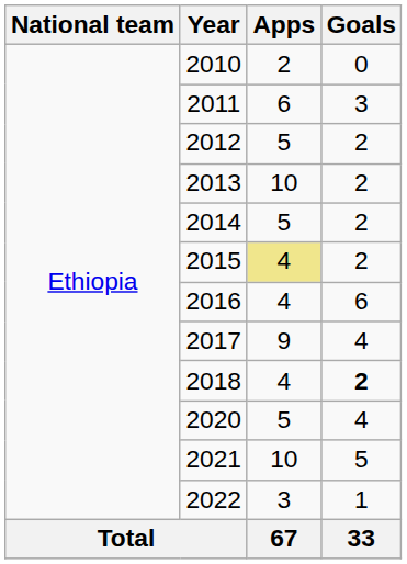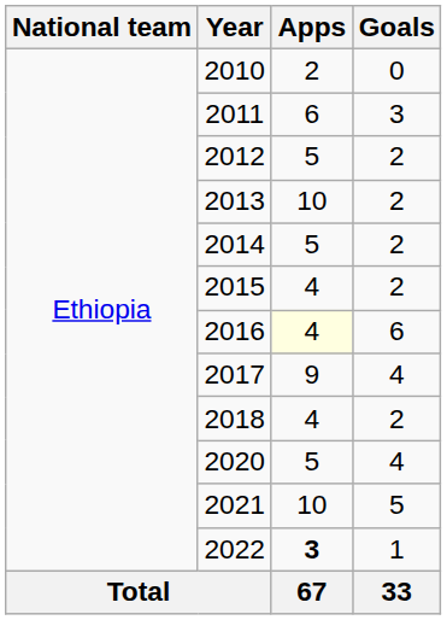 <table class="wikitable" style="text-align:center;">
 <tr>
 <th>National team</th>
 <th>Year</th>
 <th>Apps</th>
 <th>Goals</th>
 </tr>
 <tr>
 <td rowspan="12"><a href='#'>Ethiopia</a></td>
 <td>2010</td>
 <td>2</td>
 <td>0</td>
 </tr>
 <tr>
 <td>2011</td>
 <td>6</td>
 <td>3</td>
 </tr>
 <tr>
 <td>2012</td>
 <td>5</td>
 <td>2</td>
 </tr>
 <tr>
 <td>2013</td>
 <td>10</td>
 <td>2</td>
 </tr>
 <tr>
 <td>2014</td>
 <td>5</td>
 <td>2</td>
 </tr>
 <tr>
 <td>2015</td>
-<td style="background: khaki;">4</td>
+<td>4</td>
 <td>2</td>
 </tr>
 <tr>
 <td>2016</td>
-<td>4</td>
+<td style="background: lightyellow;">4</td>
 <td>6</td>
 </tr>
 <tr>
 <td>2017</td>
 <td>9</td>
 <td>4</td>
 </tr>
 <tr>
 <td>2018</td>
 <td>4</td>
-<td><strong>2</strong></td>
+<td>2</td>
 </tr>
 <tr>
 <td>2020</td>
 <td>5</td>
 <td>4</td>
 </tr>
 <tr>
 <td>2021</td>
 <td>10</td>
 <td>5</td>
 </tr>
 <tr>
 <td>2022</td>
-<td>3</td>
+<td><strong>3</strong></td>
 <td>1</td>
 </tr>
 <tr>
 <th colspan="2">Total</th>
 <th>67</th>
 <th>33</th>
 </tr>
 </table>
